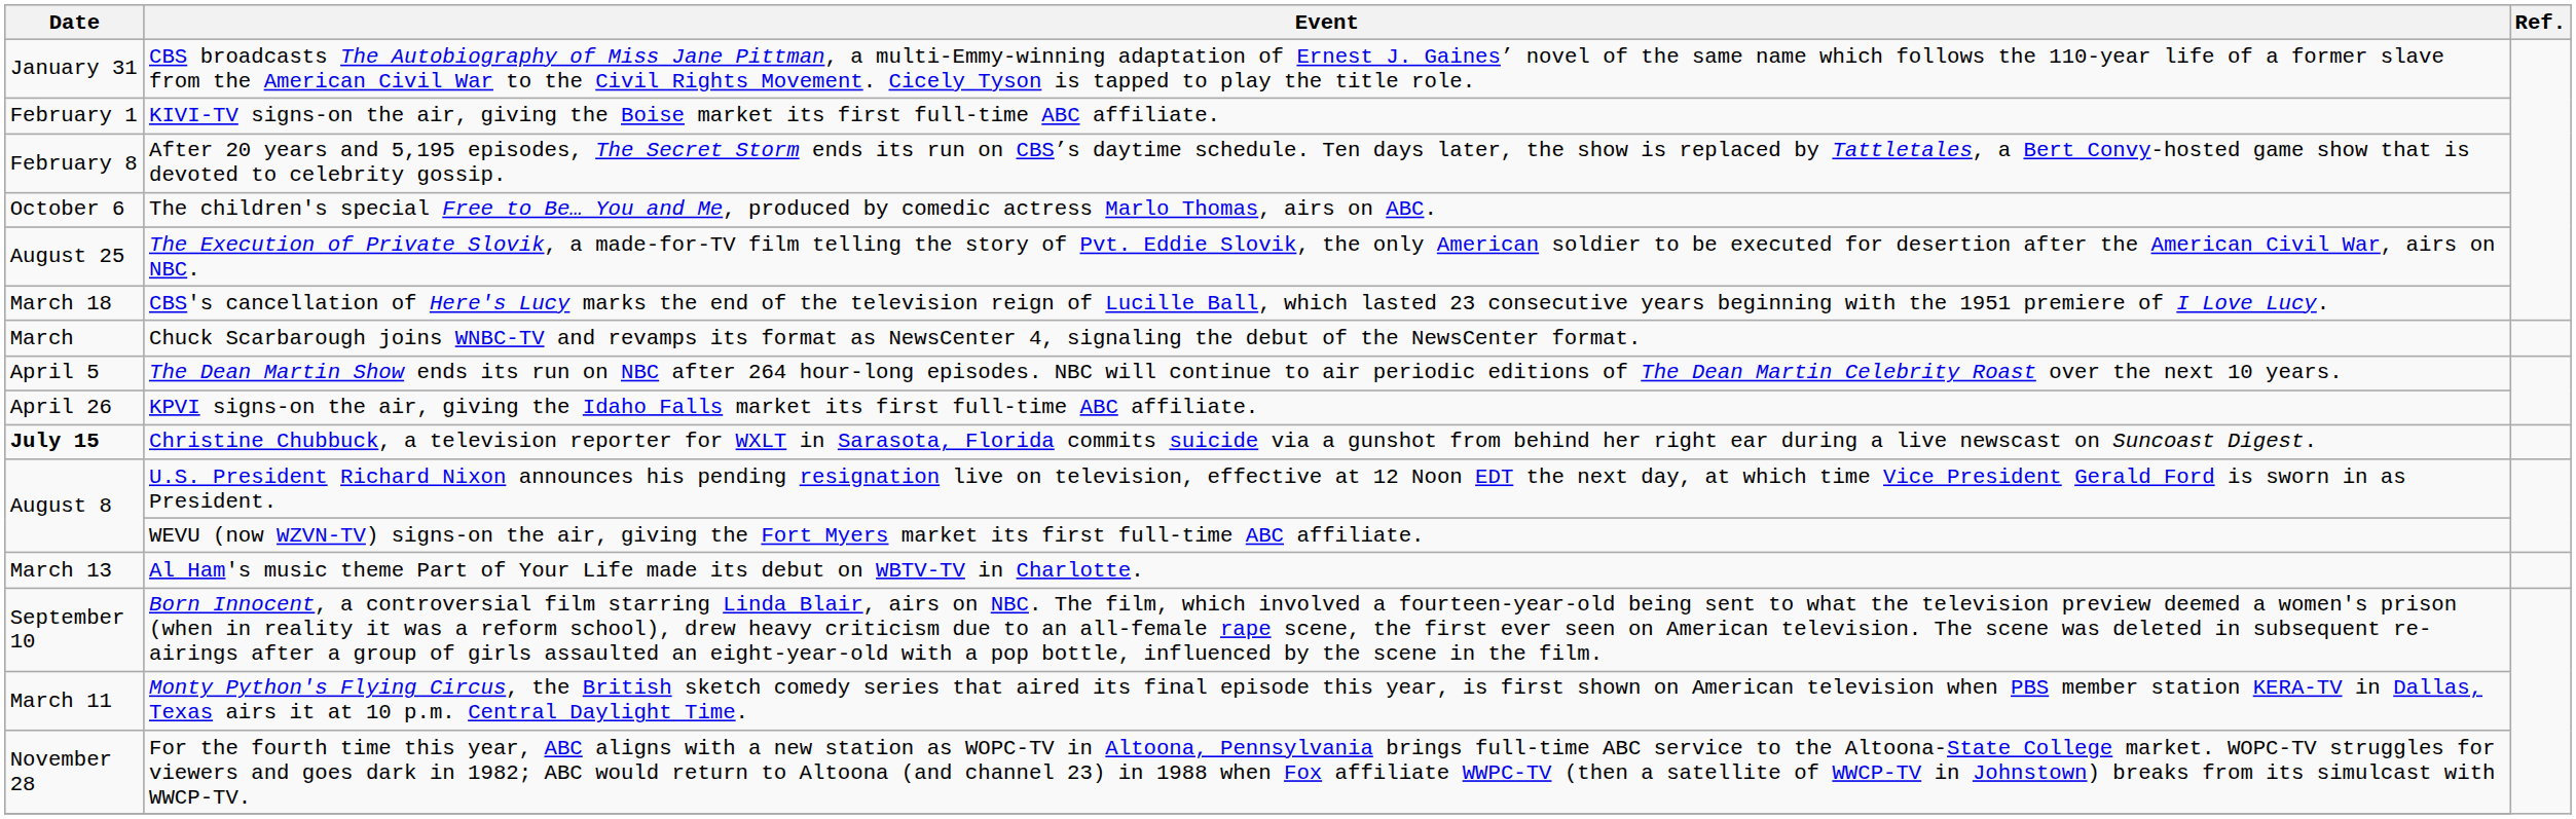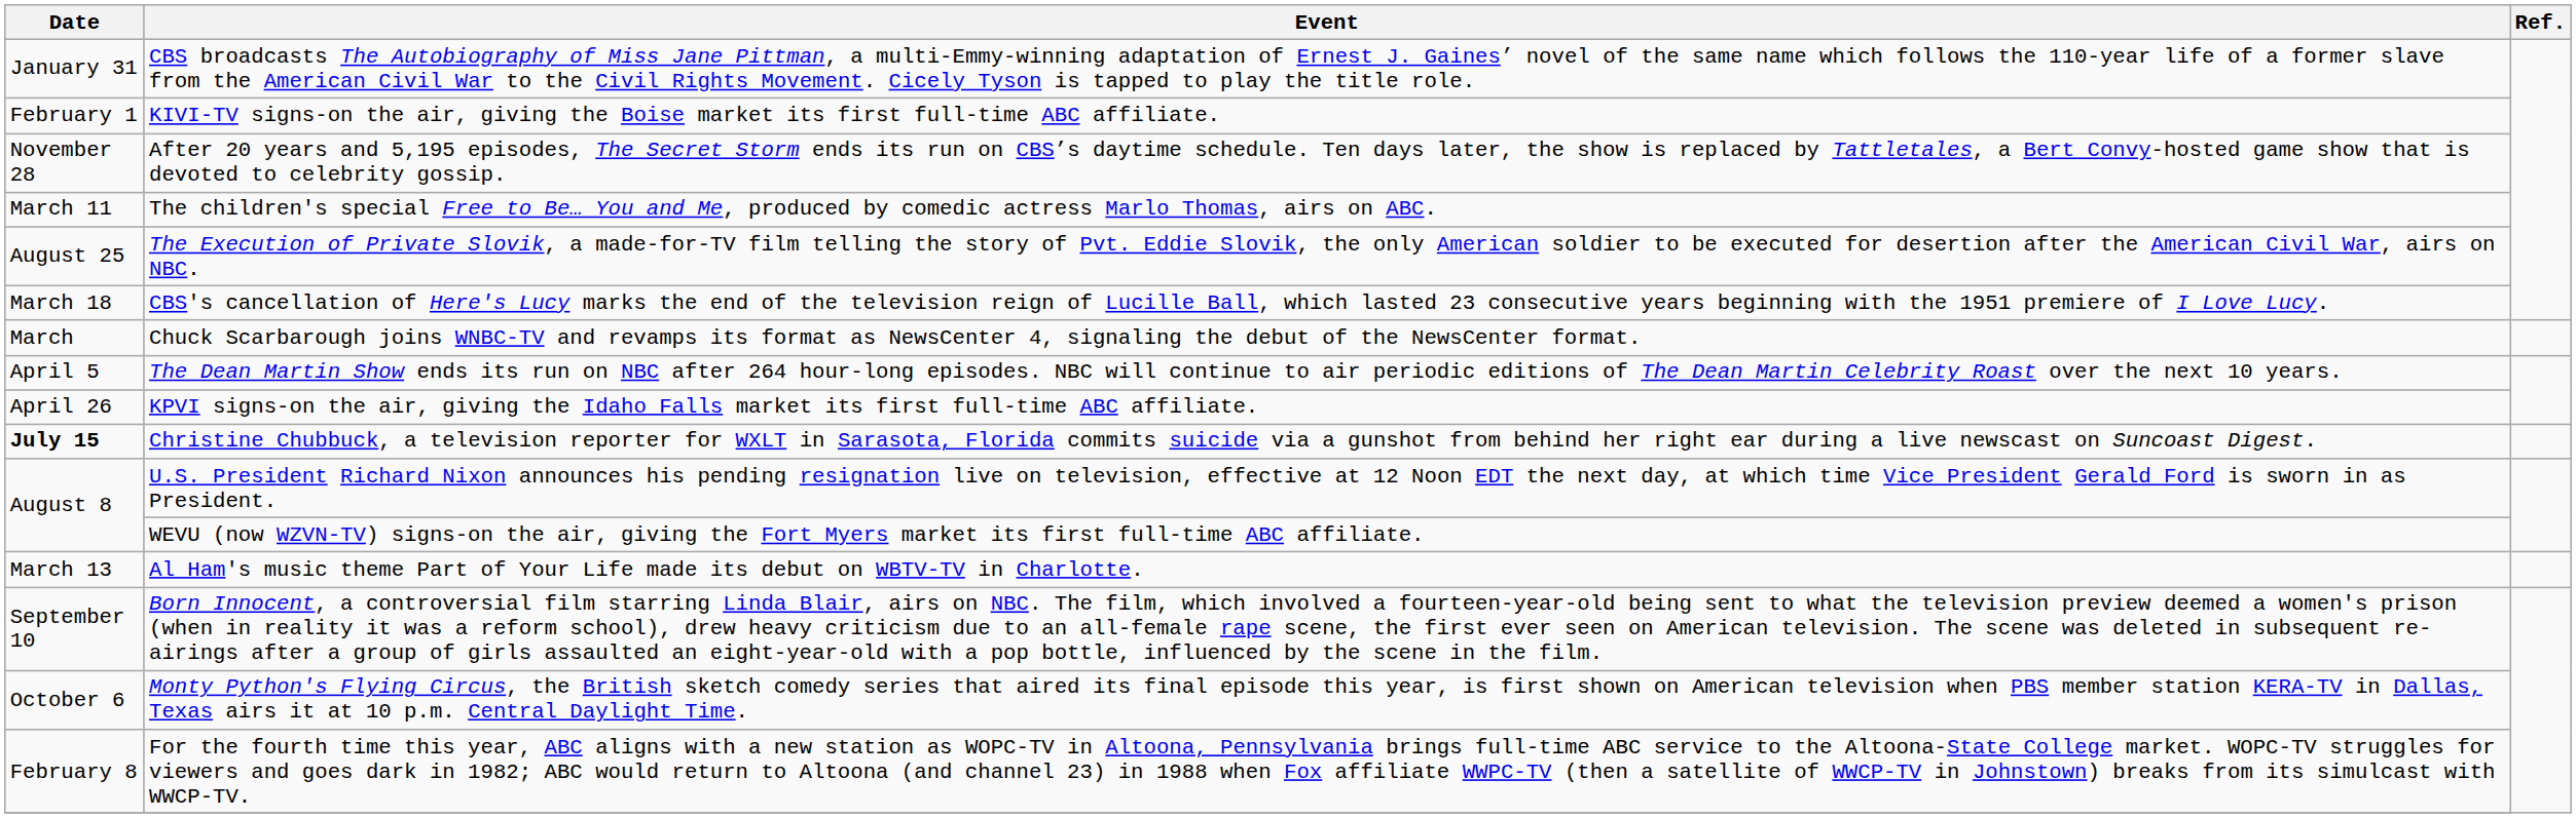 <table class="wikitable sortable">
 <tr>
 <th>Date</th>
 <th>Event</th>
 <th>Ref.</th>
 </tr>
 <tr>
 <td>January 31</td>
 <td><a href='#'>CBS</a> broadcasts <em><a href='#'>The Autobiography of Miss Jane Pittman</a></em>, a multi-Emmy-winning adaptation of <a href='#'>Ernest J. Gaines</a>’ novel of the same name which follows the 110-year life of a former slave from the <a href='#'>American Civil War</a> to the <a href='#'>Civil Rights Movement</a>. <a href='#'>Cicely Tyson</a> is tapped to play the title role.</td>
 </tr>
 <tr>
 <td>February 1</td>
 <td><a href='#'>KIVI-TV</a> signs-on the air, giving the <a href='#'>Boise</a> market its first full-time <a href='#'>ABC</a> affiliate.</td>
 </tr>
 <tr>
-<td>February 8</td>
+<td>November 28</td>
 <td>After 20 years and 5,195 episodes, <em><a href='#'>The Secret Storm</a></em> ends its run on <a href='#'>CBS</a>’s daytime schedule. Ten days later, the show is replaced by <em><a href='#'>Tattletales</a></em>, a <a href='#'>Bert Convy</a>-hosted game show that is devoted to celebrity gossip.</td>
 </tr>
 <tr>
-<td>October 6</td>
+<td>March 11</td>
 <td>The children's special <em><a href='#'>Free to Be… You and Me</a></em>, produced by comedic actress <a href='#'>Marlo Thomas</a>, airs on <a href='#'>ABC</a>.</td>
 </tr>
 <tr>
 <td>August 25</td>
 <td><em><a href='#'>The Execution of Private Slovik</a></em>, a made-for-TV film telling the story of <a href='#'>Pvt. Eddie Slovik</a>, the only <a href='#'>American</a> soldier to be executed for desertion after the <a href='#'>American Civil War</a>, airs on <a href='#'>NBC</a>.</td>
 </tr>
 <tr>
 <td>March 18</td>
 <td><a href='#'>CBS</a>'s cancellation of <em><a href='#'>Here's Lucy</a></em> marks the end of the television reign of <a href='#'>Lucille Ball</a>, which lasted 23 consecutive years beginning with the 1951 premiere of <em><a href='#'>I Love Lucy</a></em>.</td>
 </tr>
 <tr>
 <td>March</td>
 <td>Chuck Scarbarough joins <a href='#'>WNBC-TV</a> and revamps its format as NewsCenter 4, signaling the debut of the NewsCenter format.</td>
 <td></td>
 </tr>
 <tr>
 <td>April 5</td>
 <td><em><a href='#'>The Dean Martin Show</a></em> ends its run on <a href='#'>NBC</a> after 264 hour-long episodes. NBC will continue to air periodic editions of <em><a href='#'>The Dean Martin Celebrity Roast</a></em> over the next 10 years.</td>
 </tr>
 <tr>
 <td>April 26</td>
 <td><a href='#'>KPVI</a> signs-on the air, giving the <a href='#'>Idaho Falls</a> market its first full-time <a href='#'>ABC</a> affiliate.</td>
 </tr>
 <tr>
 <td><strong>July 15</strong></td>
 <td><a href='#'>Christine Chubbuck</a>, a television reporter for <a href='#'>WXLT</a> in <a href='#'>Sarasota, Florida</a> commits <a href='#'>suicide</a> via a gunshot from behind her right ear during a live newscast on <em>Suncoast Digest</em>.</td>
 <td></td>
 </tr>
 <tr>
 <td rowspan="2">August 8</td>
 <td><a href='#'>U.S. President</a> <a href='#'>Richard Nixon</a> announces his pending <a href='#'>resignation</a> live on television, effective at 12 Noon <a href='#'>EDT</a> the next day, at which time <a href='#'>Vice President</a> <a href='#'>Gerald Ford</a> is sworn in as President.</td>
 </tr>
 <tr>
 <td>WEVU (now <a href='#'>WZVN-TV</a>) signs-on the air, giving the <a href='#'>Fort Myers</a> market its first full-time <a href='#'>ABC</a> affiliate.</td>
 </tr>
 <tr>
 <td>March 13</td>
 <td><a href='#'>Al Ham</a>'s music theme Part of Your Life made its debut on <a href='#'>WBTV-TV</a> in <a href='#'>Charlotte</a>.</td>
 <td></td>
 </tr>
 <tr>
 <td>September 10</td>
 <td><em><a href='#'>Born Innocent</a></em>, a controversial film starring <a href='#'>Linda Blair</a>, airs on <a href='#'>NBC</a>. The film, which involved a fourteen-year-old being sent to what the television preview deemed a women's prison (when in reality it was a reform school), drew heavy criticism due to an all-female <a href='#'>rape</a> scene, the first ever seen on American television. The scene was deleted in subsequent re-airings after a group of girls assaulted an eight-year-old with a pop bottle, influenced by the scene in the film.</td>
 </tr>
 <tr>
-<td>March 11</td>
+<td>October 6</td>
 <td><em><a href='#'>Monty Python's Flying Circus</a></em>, the <a href='#'>British</a> sketch comedy series that aired its final episode this year, is first shown on American television when <a href='#'>PBS</a> member station <a href='#'>KERA-TV</a> in <a href='#'>Dallas, Texas</a> airs it at 10 p.m. <a href='#'>Central Daylight Time</a>.</td>
 </tr>
 <tr>
-<td>November 28</td>
+<td>February 8</td>
 <td>For the fourth time this year, <a href='#'>ABC</a> aligns with a new station as WOPC-TV in <a href='#'>Altoona, Pennsylvania</a> brings full-time ABC service to the Altoona-<a href='#'>State College</a> market. WOPC-TV struggles for viewers and goes dark in 1982; ABC would return to Altoona (and channel 23) in 1988 when <a href='#'>Fox</a> affiliate <a href='#'>WWPC-TV</a> (then a satellite of <a href='#'>WWCP-TV</a> in <a href='#'>Johnstown</a>) breaks from its simulcast with WWCP-TV.</td>
 </tr>
 <tr>
 </tr>
 </table>
